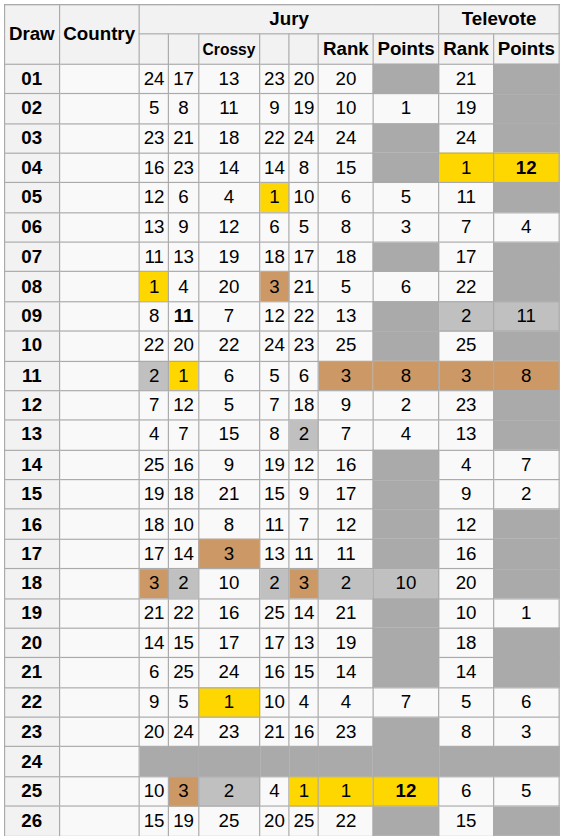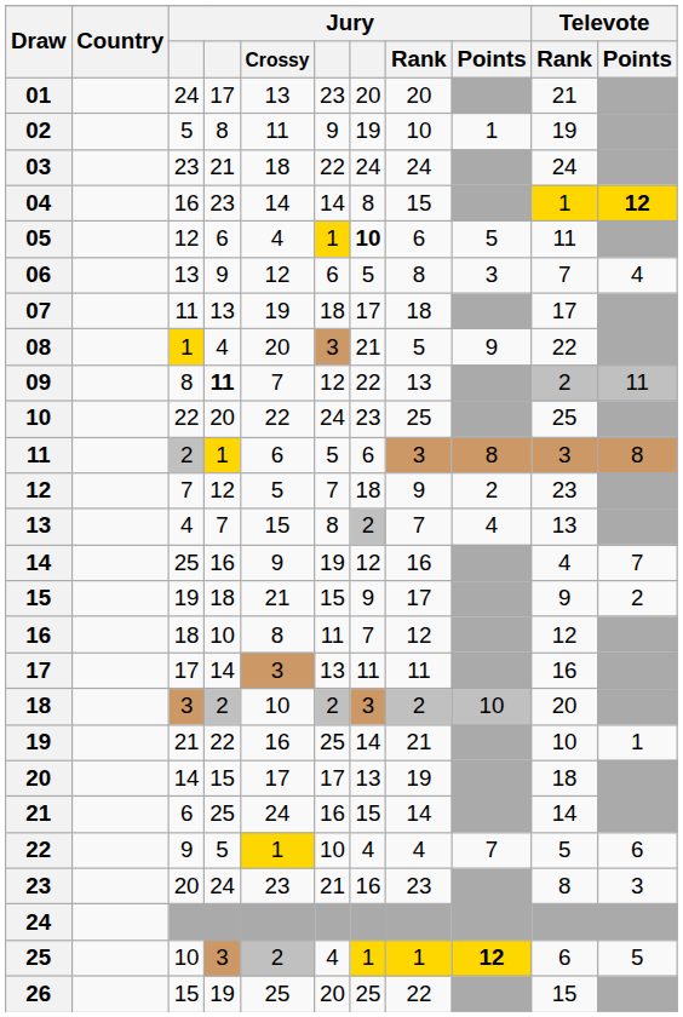 <table class="sortable wikitable collapsible plainrowheaders" style="text-align:center;">
 <tr>
 </tr>
 <tr>
 <th scope="col" rowspan="2">Draw</th>
 <th scope="col" rowspan="2">Country</th>
 <th scope="col" colspan="7">Jury</th>
 <th scope="col" colspan="2">Televote</th>
 </tr>
 <tr>
 <th scope="col"><small></small></th>
 <th scope="col"><small></small></th>
 <th scope="col"><small>Crossy</small></th>
 <th scope="col"><small></small></th>
 <th scope="col"><small></small></th>
 <th scope="col">Rank</th>
 <th scope="col">Points</th>
 <th scope="col">Rank</th>
 <th scope="col">Points</th>
 </tr>
 <tr>
 <th scope="row" style="text-align:center;">01</th>
 <td style="text-align:left;"></td>
 <td>24</td>
 <td>17</td>
 <td>13</td>
 <td>23</td>
 <td>20</td>
 <td>20</td>
 <td style="background:#AAAAAA;"></td>
 <td>21</td>
 <td style="background:#AAAAAA;"></td>
 </tr>
 <tr>
 <th scope="row" style="text-align:center;">02</th>
 <td style="text-align:left;"></td>
 <td>5</td>
 <td>8</td>
 <td>11</td>
 <td>9</td>
 <td>19</td>
 <td>10</td>
 <td>1</td>
 <td>19</td>
 <td style="background:#AAAAAA;"></td>
 </tr>
 <tr>
 <th scope="row" style="text-align:center;">03</th>
 <td style="text-align:left;"></td>
 <td>23</td>
 <td>21</td>
 <td>18</td>
 <td>22</td>
 <td>24</td>
 <td>24</td>
 <td style="background:#AAAAAA;"></td>
 <td>24</td>
 <td style="background:#AAAAAA;"></td>
 </tr>
 <tr>
 <th scope="row" style="text-align:center;">04</th>
 <td style="text-align:left;"></td>
 <td>16</td>
 <td>23</td>
 <td>14</td>
 <td>14</td>
 <td>8</td>
 <td>15</td>
 <td style="background:#AAAAAA;"></td>
 <td style="background:gold;">1</td>
 <td style="background:gold;"><strong>12</strong></td>
 </tr>
 <tr>
 <th scope="row" style="text-align:center;">05</th>
 <td style="text-align:left;"></td>
 <td>12</td>
 <td>6</td>
 <td>4</td>
 <td style="background:gold;">1</td>
-<td>10</td>
+<td><strong>10</strong></td>
 <td>6</td>
 <td>5</td>
 <td>11</td>
 <td style="background:#AAAAAA;"></td>
 </tr>
 <tr>
 <th scope="row" style="text-align:center;">06</th>
 <td style="text-align:left;"></td>
 <td>13</td>
 <td>9</td>
 <td>12</td>
 <td>6</td>
 <td>5</td>
 <td>8</td>
 <td>3</td>
 <td>7</td>
 <td>4</td>
 </tr>
 <tr>
 <th scope="row" style="text-align:center;">07</th>
 <td style="text-align:left;"></td>
 <td>11</td>
 <td>13</td>
 <td>19</td>
 <td>18</td>
 <td>17</td>
 <td>18</td>
 <td style="background:#AAAAAA;"></td>
 <td>17</td>
 <td style="background:#AAAAAA;"></td>
 </tr>
 <tr>
 <th scope="row" style="text-align:center;">08</th>
 <td style="text-align:left;"></td>
 <td style="background:gold;">1</td>
 <td>4</td>
 <td>20</td>
 <td style="background:#CC9966;">3</td>
 <td>21</td>
 <td>5</td>
-<td>6</td>
+<td>9</td>
 <td>22</td>
 <td style="background:#AAAAAA;"></td>
 </tr>
 <tr>
 <th scope="row" style="text-align:center;">09</th>
 <td style="text-align:left;"></td>
 <td>8</td>
 <td><strong>11</strong></td>
 <td>7</td>
 <td>12</td>
 <td>22</td>
 <td>13</td>
 <td style="background:#AAAAAA;"></td>
 <td style="background:silver;">2</td>
 <td style="background:silver;">11</td>
 </tr>
 <tr>
 <th scope="row" style="text-align:center;">10</th>
 <td style="text-align:left;"></td>
 <td>22</td>
 <td>20</td>
 <td>22</td>
 <td>24</td>
 <td>23</td>
 <td>25</td>
 <td style="background:#AAAAAA;"></td>
 <td>25</td>
 <td style="background:#AAAAAA;"></td>
 </tr>
 <tr>
 <th scope="row" style="text-align:center;">11</th>
 <td style="text-align:left;"></td>
 <td style="background:silver;">2</td>
 <td style="background:gold;">1</td>
 <td>6</td>
 <td>5</td>
 <td>6</td>
 <td style="background:#CC9966;">3</td>
 <td style="background:#CC9966;">8</td>
 <td style="background:#CC9966;">3</td>
 <td style="background:#CC9966;">8</td>
 </tr>
 <tr>
 <th scope="row" style="text-align:center;">12</th>
 <td style="text-align:left;"></td>
 <td>7</td>
 <td>12</td>
 <td>5</td>
 <td>7</td>
 <td>18</td>
 <td>9</td>
 <td>2</td>
 <td>23</td>
 <td style="background:#AAAAAA;"></td>
 </tr>
 <tr>
 <th scope="row" style="text-align:center;">13</th>
 <td style="text-align:left;"></td>
 <td>4</td>
 <td>7</td>
 <td>15</td>
 <td>8</td>
 <td style="background:silver;">2</td>
 <td>7</td>
 <td>4</td>
 <td>13</td>
 <td style="background:#AAAAAA;"></td>
 </tr>
 <tr>
 <th scope="row" style="text-align:center;">14</th>
 <td style="text-align:left;"></td>
 <td>25</td>
 <td>16</td>
 <td>9</td>
 <td>19</td>
 <td>12</td>
 <td>16</td>
 <td style="background:#AAAAAA;"></td>
 <td>4</td>
 <td>7</td>
 </tr>
 <tr>
 <th scope="row" style="text-align:center;">15</th>
 <td style="text-align:left;"></td>
 <td>19</td>
 <td>18</td>
 <td>21</td>
 <td>15</td>
 <td>9</td>
 <td>17</td>
 <td style="background:#AAAAAA;"></td>
 <td>9</td>
 <td>2</td>
 </tr>
 <tr>
 <th scope="row" style="text-align:center;">16</th>
 <td style="text-align:left;"></td>
 <td>18</td>
 <td>10</td>
 <td>8</td>
 <td>11</td>
 <td>7</td>
 <td>12</td>
 <td style="background:#AAAAAA;"></td>
 <td>12</td>
 <td style="background:#AAAAAA;"></td>
 </tr>
 <tr>
 <th scope="row" style="text-align:center;">17</th>
 <td style="text-align:left;"></td>
 <td>17</td>
 <td>14</td>
 <td style="background:#CC9966;">3</td>
 <td>13</td>
 <td>11</td>
 <td>11</td>
 <td style="background:#AAAAAA;"></td>
 <td>16</td>
 <td style="background:#AAAAAA;"></td>
 </tr>
 <tr>
 <th scope="row" style="text-align:center;">18</th>
 <td style="text-align:left;"></td>
 <td style="background:#CC9966;">3</td>
 <td style="background:silver;">2</td>
 <td>10</td>
 <td style="background:silver;">2</td>
 <td style="background:#CC9966;">3</td>
 <td style="background:silver;">2</td>
 <td style="background:silver;">10</td>
 <td>20</td>
 <td style="background:#AAAAAA;"></td>
 </tr>
 <tr>
 <th scope="row" style="text-align:center;">19</th>
 <td style="text-align:left;"></td>
 <td>21</td>
 <td>22</td>
 <td>16</td>
 <td>25</td>
 <td>14</td>
 <td>21</td>
 <td style="background:#AAAAAA;"></td>
 <td>10</td>
 <td>1</td>
 </tr>
 <tr>
 <th scope="row" style="text-align:center;">20</th>
 <td style="text-align:left;"></td>
 <td>14</td>
 <td>15</td>
 <td>17</td>
 <td>17</td>
 <td>13</td>
 <td>19</td>
 <td style="background:#AAAAAA;"></td>
 <td>18</td>
 <td style="background:#AAAAAA;"></td>
 </tr>
 <tr>
 <th scope="row" style="text-align:center;">21</th>
 <td style="text-align:left;"></td>
 <td>6</td>
 <td>25</td>
 <td>24</td>
 <td>16</td>
 <td>15</td>
 <td>14</td>
 <td style="background:#AAAAAA;"></td>
 <td>14</td>
 <td style="background:#AAAAAA;"></td>
 </tr>
 <tr>
 <th scope="row" style="text-align:center;">22</th>
 <td style="text-align:left;"></td>
 <td>9</td>
 <td>5</td>
 <td style="background:gold;">1</td>
 <td>10</td>
 <td>4</td>
 <td>4</td>
 <td>7</td>
 <td>5</td>
 <td>6</td>
 </tr>
 <tr>
 <th scope="row" style="text-align:center;">23</th>
 <td style="text-align:left;"></td>
 <td>20</td>
 <td>24</td>
 <td>23</td>
 <td>21</td>
 <td>16</td>
 <td>23</td>
 <td style="background:#AAAAAA;"></td>
 <td>8</td>
 <td>3</td>
 </tr>
 <tr class="sortbottom">
 <th scope="row" style="text-align:center;">24</th>
 <td style="text-align:left;"></td>
 <td style="background:#AAAAAA;"></td>
 <td style="background:#AAAAAA;"></td>
 <td style="background:#AAAAAA;"></td>
 <td style="background:#AAAAAA;"></td>
 <td style="background:#AAAAAA;"></td>
 <td style="background:#AAAAAA;"></td>
 <td style="background:#AAAAAA;"></td>
 <td style="background:#AAAAAA;"></td>
 <td style="background:#AAAAAA;"></td>
 </tr>
 <tr>
 <th scope="row" style="text-align:center;">25</th>
 <td style="text-align:left;"></td>
 <td>10</td>
 <td style="background:#CC9966;">3</td>
 <td style="background:silver;">2</td>
 <td>4</td>
 <td style="background:gold;">1</td>
 <td style="background:gold;">1</td>
 <td style="background:gold;"><strong>12</strong></td>
 <td>6</td>
 <td>5</td>
 </tr>
 <tr>
 <th scope="row" style="text-align:center;">26</th>
 <td style="text-align:left;"></td>
 <td>15</td>
 <td>19</td>
 <td>25</td>
 <td>20</td>
 <td>25</td>
 <td>22</td>
 <td style="background:#AAAAAA;"></td>
 <td>15</td>
 <td style="background:#AAAAAA;"></td>
 </tr>
 </table>
